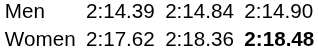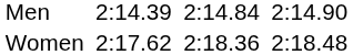 <table>
 <tr>
 <td>Men</td>
 <td></td>
 <td>2:14.39</td>
 <td></td>
 <td>2:14.84</td>
 <td></td>
 <td>2:14.90</td>
 </tr>
 <tr>
 <td>Women</td>
 <td></td>
 <td>2:17.62</td>
 <td></td>
 <td>2:18.36</td>
 <td></td>
-<td><strong>2:18.48</strong></td>
+<td>2:18.48</td>
 </tr>
 </table>
